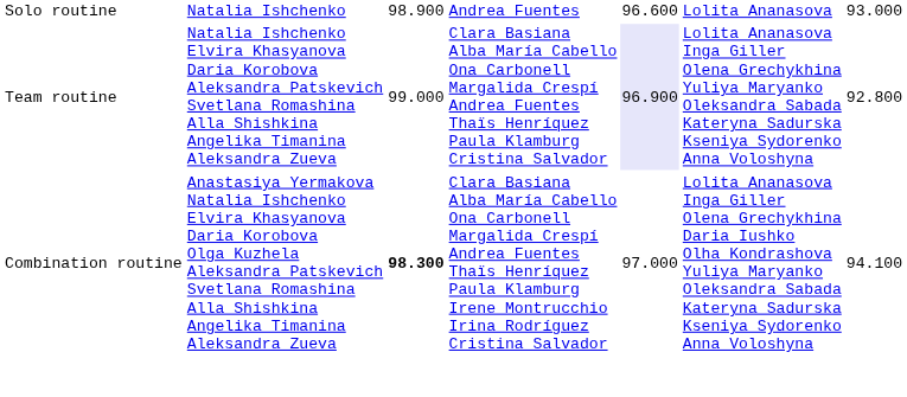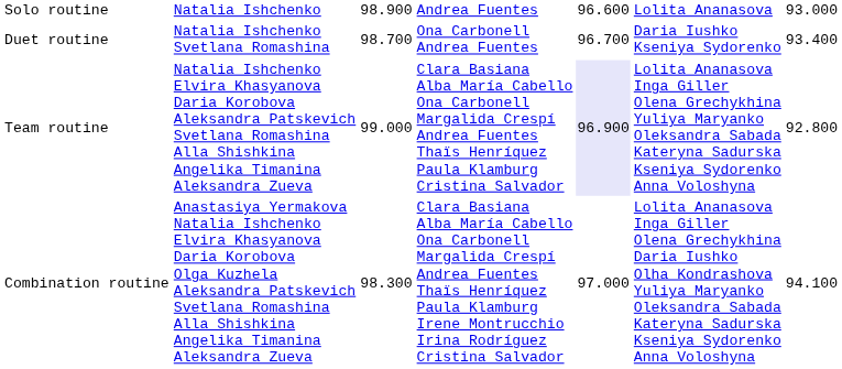 <table>
 <tr>
 <td>Solo routine</td>
 <td><a href='#'>Natalia Ishchenko</a><br></td>
 <td>98.900</td>
 <td><a href='#'>Andrea Fuentes</a><br></td>
 <td>96.600</td>
 <td><a href='#'>Lolita Ananasova</a><br></td>
 <td>93.000</td>
+</tr>
+<tr>
+<td>Duet routine</td>
+<td><a href='#'>Natalia Ishchenko</a><br><a href='#'>Svetlana Romashina</a><br></td>
+<td>98.700</td>
+<td><a href='#'>Ona Carbonell</a><br><a href='#'>Andrea Fuentes</a><br></td>
+<td>96.700</td>
+<td><a href='#'>Daria Iushko</a><br><a href='#'>Kseniya Sydorenko</a><br></td>
+<td>93.400</td>
 </tr>
 <tr>
 <td>Team routine</td>
 <td valign=top><a href='#'>Natalia Ishchenko</a><br><a href='#'>Elvira Khasyanova</a><br><a href='#'>Daria Korobova</a><br><a href='#'>Aleksandra Patskevich</a><br><a href='#'>Svetlana Romashina</a><br><a href='#'>Alla Shishkina</a><br><a href='#'>Angelika Timanina</a><br><a href='#'>Aleksandra Zueva</a><br></td>
 <td>99.000</td>
 <td valign=top><a href='#'>Clara Basiana</a><br><a href='#'>Alba María Cabello</a><br><a href='#'>Ona Carbonell</a><br><a href='#'>Margalida Crespí</a><br><a href='#'>Andrea Fuentes</a><br><a href='#'>Thaïs Henríquez</a><br><a href='#'>Paula Klamburg</a><br><a href='#'>Cristina Salvador</a><br></td>
 <td style="background: lavender;">96.900</td>
 <td valign=top><a href='#'>Lolita Ananasova</a><br><a href='#'>Inga Giller</a><br><a href='#'>Olena Grechykhina</a><br><a href='#'>Yuliya Maryanko</a><br><a href='#'>Oleksandra Sabada</a><br><a href='#'>Kateryna Sadurska</a><br><a href='#'>Kseniya Sydorenko</a><br><a href='#'>Anna Voloshyna</a><br></td>
 <td>92.800</td>
 </tr>
 <tr>
 <td>Combination routine</td>
 <td valign=top><a href='#'>Anastasiya Yermakova</a><br><a href='#'>Natalia Ishchenko</a><br><a href='#'>Elvira Khasyanova</a><br><a href='#'>Daria Korobova</a><br><a href='#'>Olga Kuzhela</a><br><a href='#'>Aleksandra Patskevich</a><br><a href='#'>Svetlana Romashina</a><br><a href='#'>Alla Shishkina</a><br><a href='#'>Angelika Timanina</a><br><a href='#'>Aleksandra Zueva</a><br></td>
-<td><strong>98.300</strong></td>
+<td>98.300</td>
 <td valign=top><a href='#'>Clara Basiana</a><br><a href='#'>Alba María Cabello</a><br><a href='#'>Ona Carbonell</a><br><a href='#'>Margalida Crespí</a><br><a href='#'>Andrea Fuentes</a><br><a href='#'>Thaïs Henríquez</a><br><a href='#'>Paula Klamburg</a><br><a href='#'>Irene Montrucchio</a><br><a href='#'>Irina Rodríguez</a><br><a href='#'>Cristina Salvador</a><br></td>
 <td>97.000</td>
 <td valign=top><a href='#'>Lolita Ananasova</a><br><a href='#'>Inga Giller</a><br><a href='#'>Olena Grechykhina</a><br><a href='#'>Daria Iushko</a><br><a href='#'>Olha Kondrashova</a><br><a href='#'>Yuliya Maryanko</a><br><a href='#'>Oleksandra Sabada</a><br><a href='#'>Kateryna Sadurska</a><br><a href='#'>Kseniya Sydorenko</a><br><a href='#'>Anna Voloshyna</a><br></td>
 <td>94.100</td>
 </tr>
 </table>
